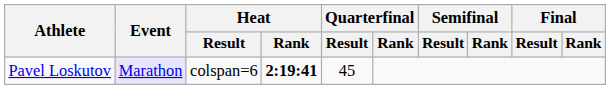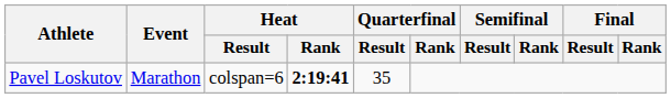 <table class=wikitable style="font-size:90%">
 <tr>
 <th rowspan="2">Athlete</th>
 <th rowspan="2">Event</th>
 <th colspan="2">Heat</th>
 <th colspan="2">Quarterfinal</th>
 <th colspan="2">Semifinal</th>
 <th colspan="2">Final</th>
 </tr>
 <tr style="font-size:95%">
 <th>Result</th>
 <th>Rank</th>
 <th>Result</th>
 <th>Rank</th>
 <th>Result</th>
 <th>Rank</th>
 <th>Result</th>
 <th>Rank</th>
 </tr>
 <tr align=center>
 <td align=left><a href='#'>Pavel Loskutov</a></td>
-<td align=left style="background: lavender;"><a href='#'>Marathon</a></td>
+<td align=left><a href='#'>Marathon</a></td>
 <td>colspan=6 </td>
 <td><strong>2:19:41</strong></td>
-<td>45</td>
+<td>35</td>
 </tr>
 </table>
